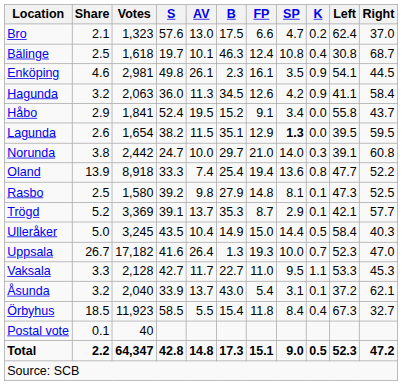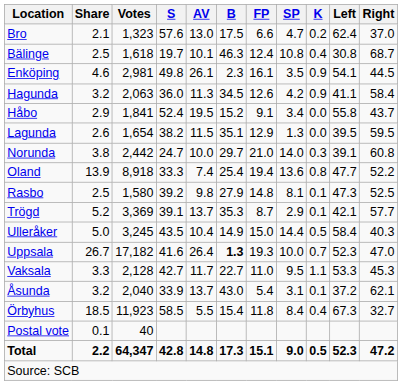 <table class="wikitable sortable" style=text-align:right>
 <tr>
 <th>Location</th>
 <th>Share</th>
 <th>Votes</th>
 <th><a href='#'>S</a></th>
 <th><a href='#'>AV</a></th>
 <th><a href='#'>B</a></th>
 <th><a href='#'>FP</a></th>
 <th><a href='#'>SP</a></th>
 <th><a href='#'>K</a></th>
 <th>Left</th>
 <th>Right</th>
 </tr>
 <tr>
 <td align=left><a href='#'>Bro</a></td>
 <td>2.1</td>
 <td>1,323</td>
 <td>57.6</td>
 <td>13.0</td>
 <td>17.5</td>
 <td>6.6</td>
 <td>4.7</td>
 <td>0.2</td>
 <td>62.4</td>
 <td>37.0</td>
 </tr>
 <tr>
 <td align=left><a href='#'>Bälinge</a></td>
 <td>2.5</td>
 <td>1,618</td>
 <td>19.7</td>
 <td>10.1</td>
 <td>46.3</td>
 <td>12.4</td>
 <td>10.8</td>
 <td>0.4</td>
 <td>30.8</td>
 <td>68.7</td>
 </tr>
 <tr>
 <td align=left><a href='#'>Enköping</a></td>
 <td>4.6</td>
 <td>2,981</td>
 <td>49.8</td>
 <td>26.1</td>
 <td>2.3</td>
 <td>16.1</td>
 <td>3.5</td>
 <td>0.9</td>
 <td>54.1</td>
 <td>44.5</td>
 </tr>
 <tr>
 <td align=left><a href='#'>Hagunda</a></td>
 <td>3.2</td>
 <td>2,063</td>
 <td>36.0</td>
 <td>11.3</td>
 <td>34.5</td>
 <td>12.6</td>
 <td>4.2</td>
 <td>0.9</td>
 <td>41.1</td>
 <td>58.4</td>
 </tr>
 <tr>
 <td align=left><a href='#'>Håbo</a></td>
 <td>2.9</td>
 <td>1,841</td>
 <td>52.4</td>
 <td>19.5</td>
 <td>15.2</td>
 <td>9.1</td>
 <td>3.4</td>
 <td>0.0</td>
 <td>55.8</td>
 <td>43.7</td>
 </tr>
 <tr>
 <td align=left><a href='#'>Lagunda</a></td>
 <td>2.6</td>
 <td>1,654</td>
 <td>38.2</td>
 <td>11.5</td>
 <td>35.1</td>
 <td>12.9</td>
-<td><strong>1.3</strong></td>
+<td>1.3</td>
 <td>0.0</td>
 <td>39.5</td>
 <td>59.5</td>
 </tr>
 <tr>
 <td align=left><a href='#'>Norunda</a></td>
 <td>3.8</td>
 <td>2,442</td>
 <td>24.7</td>
 <td>10.0</td>
 <td>29.7</td>
 <td>21.0</td>
 <td>14.0</td>
 <td>0.3</td>
 <td>39.1</td>
 <td>60.8</td>
 </tr>
 <tr>
 <td align=left><a href='#'>Oland</a></td>
 <td>13.9</td>
 <td>8,918</td>
 <td>33.3</td>
 <td>7.4</td>
 <td>25.4</td>
 <td>19.4</td>
 <td>13.6</td>
 <td>0.8</td>
 <td>47.7</td>
 <td>52.2</td>
 </tr>
 <tr>
 <td align=left><a href='#'>Rasbo</a></td>
 <td>2.5</td>
 <td>1,580</td>
 <td>39.2</td>
 <td>9.8</td>
 <td>27.9</td>
 <td>14.8</td>
 <td>8.1</td>
 <td>0.1</td>
 <td>47.3</td>
 <td>52.5</td>
 </tr>
 <tr>
 <td align=left><a href='#'>Trögd</a></td>
 <td>5.2</td>
 <td>3,369</td>
 <td>39.1</td>
 <td>13.7</td>
 <td>35.3</td>
 <td>8.7</td>
 <td>2.9</td>
 <td>0.1</td>
 <td>42.1</td>
 <td>57.7</td>
 </tr>
 <tr>
 <td align=left><a href='#'>Ulleråker</a></td>
 <td>5.0</td>
 <td>3,245</td>
 <td>43.5</td>
 <td>10.4</td>
 <td>14.9</td>
 <td>15.0</td>
 <td>14.4</td>
 <td>0.5</td>
 <td>58.4</td>
 <td>40.3</td>
 </tr>
 <tr>
 <td align=left><a href='#'>Uppsala</a></td>
 <td>26.7</td>
 <td>17,182</td>
 <td>41.6</td>
 <td>26.4</td>
-<td>1.3</td>
+<td><strong>1.3</strong></td>
 <td>19.3</td>
 <td>10.0</td>
 <td>0.7</td>
 <td>52.3</td>
 <td>47.0</td>
 </tr>
 <tr>
 <td align=left><a href='#'>Vaksala</a></td>
 <td>3.3</td>
 <td>2,128</td>
 <td>42.7</td>
 <td>11.7</td>
 <td>22.7</td>
 <td>11.0</td>
 <td>9.5</td>
 <td>1.1</td>
 <td>53.3</td>
 <td>45.3</td>
 </tr>
 <tr>
 <td align=left><a href='#'>Åsunda</a></td>
 <td>3.2</td>
 <td>2,040</td>
 <td>33.9</td>
 <td>13.7</td>
 <td>43.0</td>
 <td>5.4</td>
 <td>3.1</td>
 <td>0.1</td>
 <td>37.2</td>
 <td>62.1</td>
 </tr>
 <tr>
 <td align=left><a href='#'>Örbyhus</a></td>
 <td>18.5</td>
 <td>11,923</td>
 <td>58.5</td>
 <td>5.5</td>
 <td>15.4</td>
 <td>11.8</td>
 <td>8.4</td>
 <td>0.4</td>
 <td>67.3</td>
 <td>32.7</td>
 </tr>
 <tr>
 <td align=left><a href='#'>Postal vote</a></td>
 <td>0.1</td>
 <td>40</td>
 <td></td>
 <td></td>
 <td></td>
 <td></td>
 <td></td>
 <td></td>
 <td></td>
 <td></td>
 </tr>
 <tr>
 <td align=left><strong>Total</strong></td>
 <td><strong>2.2</strong></td>
 <td><strong>64,347</strong></td>
 <td><strong>42.8</strong></td>
 <td><strong>14.8</strong></td>
 <td><strong>17.3</strong></td>
 <td><strong>15.1</strong></td>
 <td><strong>9.0</strong></td>
 <td><strong>0.5</strong></td>
 <td><strong>52.3</strong></td>
 <td><strong>47.2</strong></td>
 </tr>
 <tr>
 <td align=left colspan=11>Source: SCB </td>
 </tr>
 </table>
